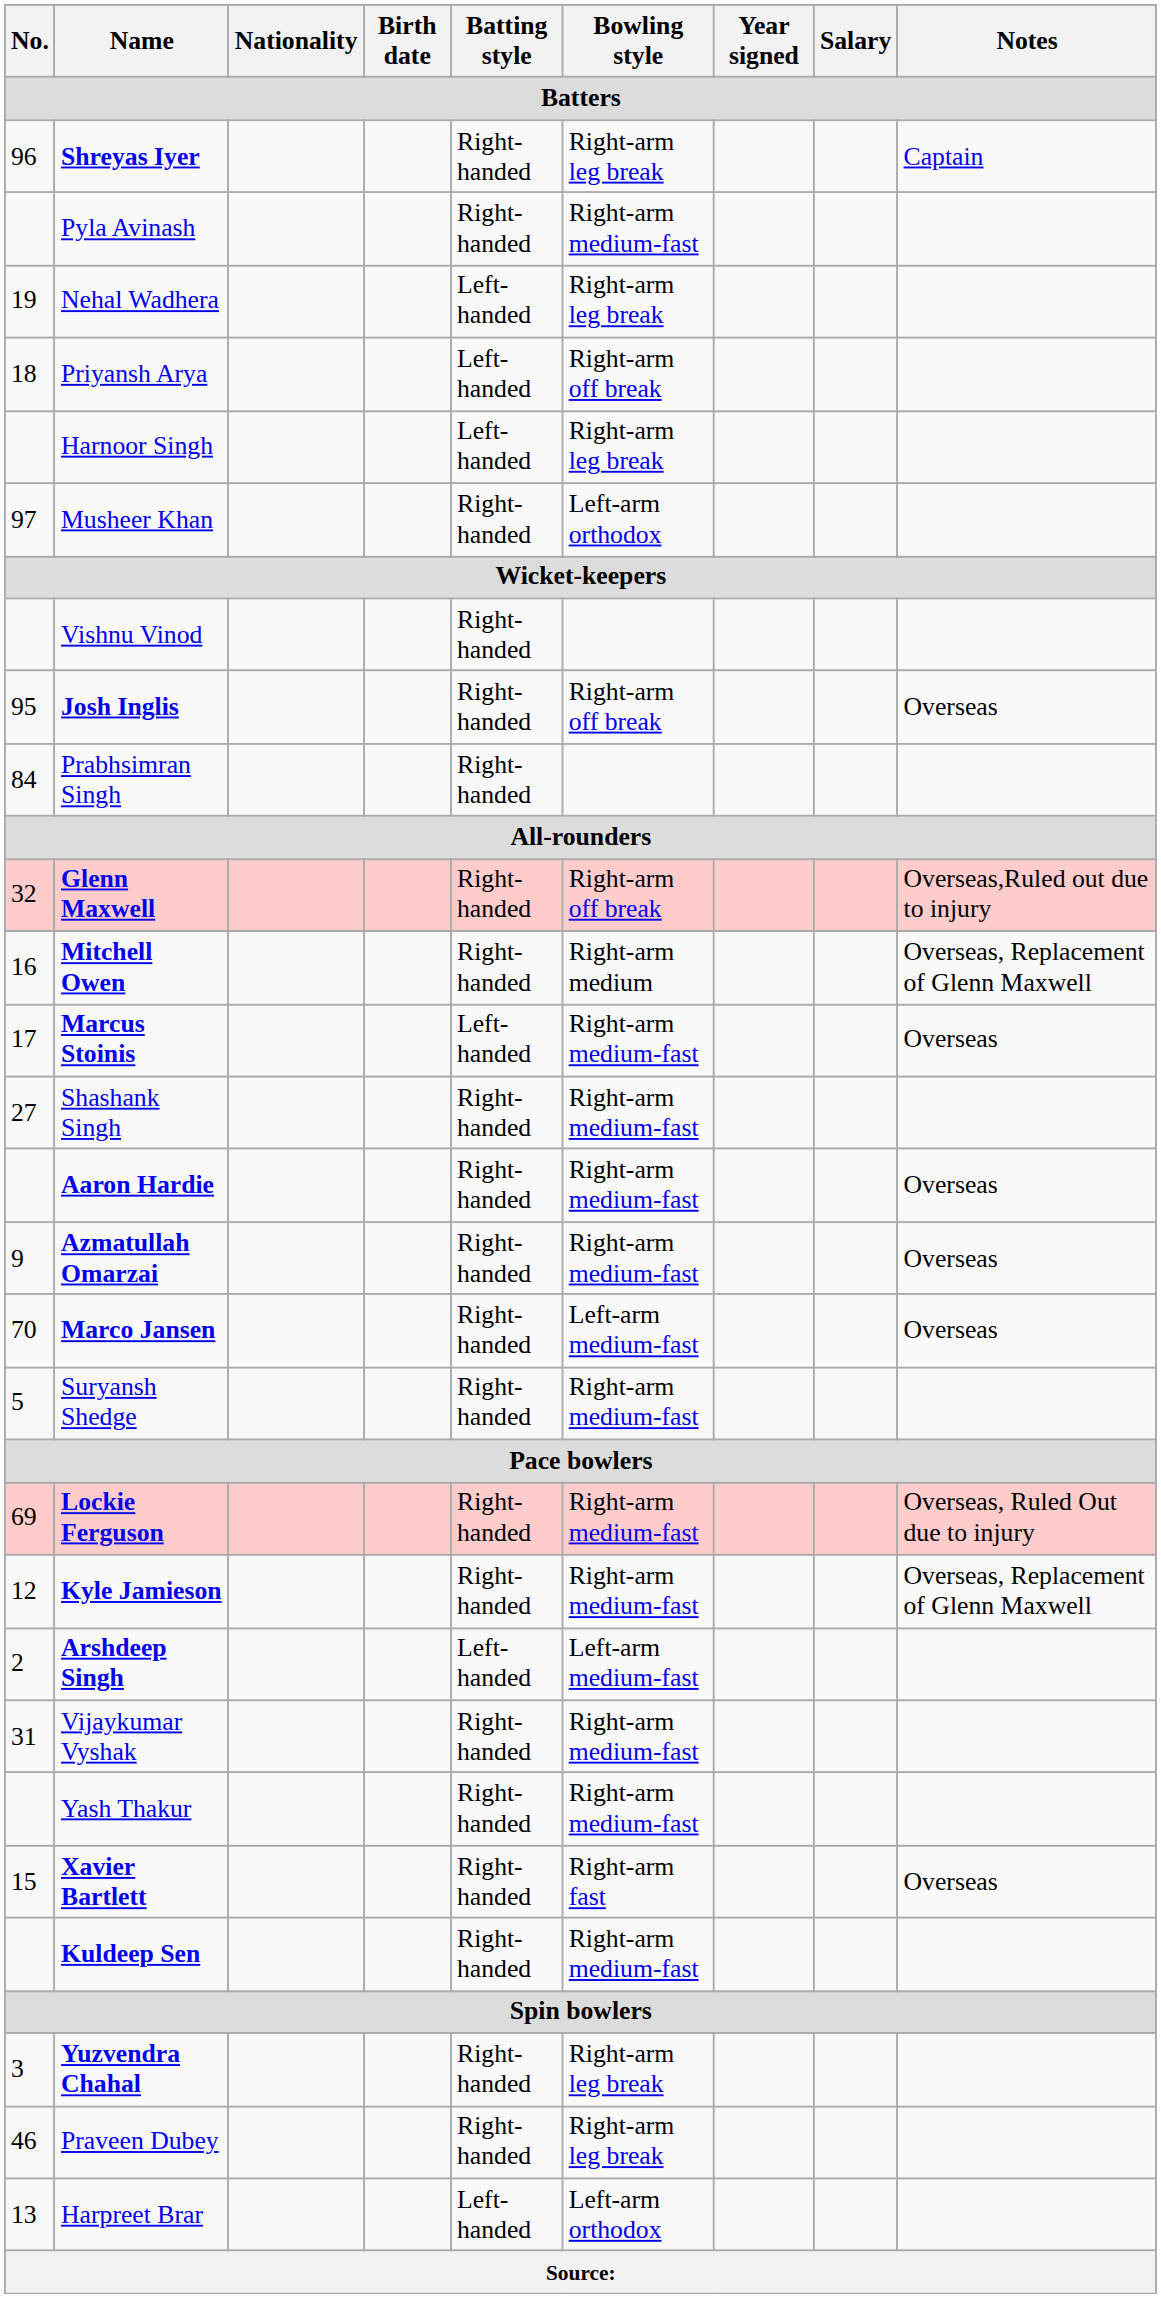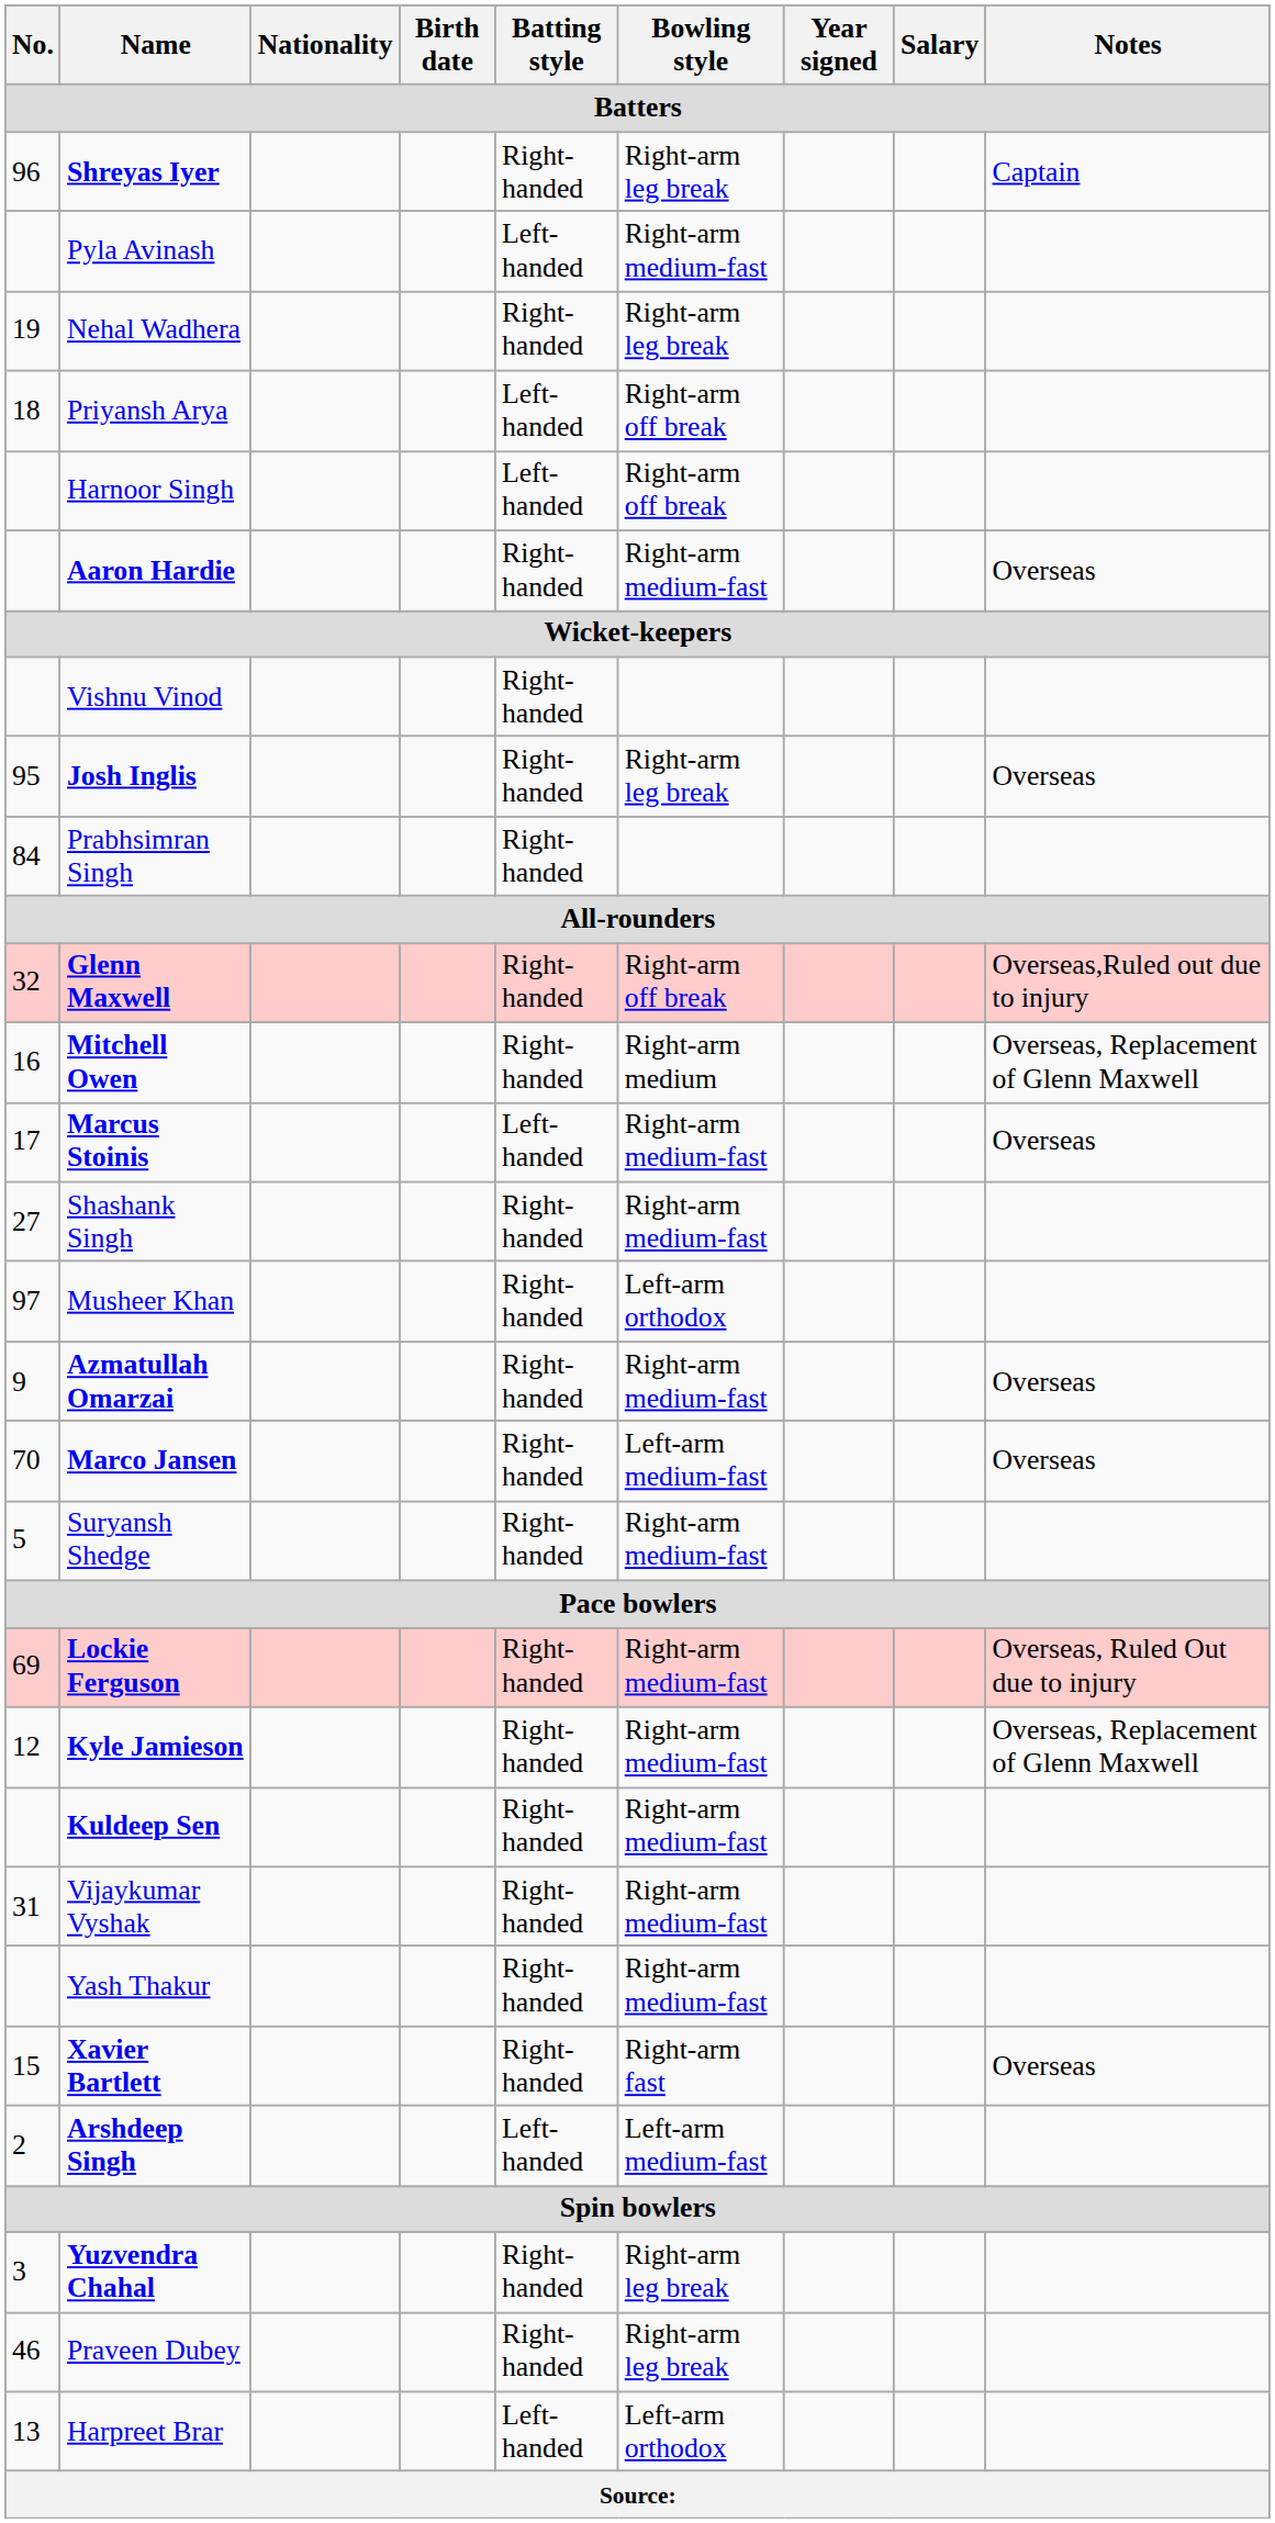 <table class="wikitable"  style="font-size:85%;">
 <tr>
 <th style="background:; color:; text-align:center;">No.</th>
 <th style="background:; color:; text-align:center;">Name</th>
 <th style="background:; color:; text-align:center;">Nationality</th>
 <th style="background:; color:; text-align:center;">Birth date</th>
 <th style="background:; color:; text-align:center;">Batting style</th>
 <th style="background:; color:; text-align:center;">Bowling style</th>
 <th style="background:; color:; text-align:center;">Year signed</th>
 <th style="background:; color:; text-align:center;">Salary</th>
 <th style="background:; color:; text-align:center;">Notes</th>
 </tr>
 <tr>
 <th colspan="9"  style="background:#dcdcdc; text-align:center;">Batters</th>
 </tr>
 <tr>
 <td>96</td>
 <td><strong><a href='#'>Shreyas Iyer</a></strong></td>
 <td></td>
 <td></td>
 <td>Right-handed</td>
 <td>Right-arm <a href='#'>leg break</a></td>
 <td style="text-align:right;"></td>
 <td style="text-align:right;"></td>
 <td><a href='#'>Captain</a></td>
 </tr>
 <tr>
 <td></td>
 <td><a href='#'>Pyla Avinash</a></td>
 <td></td>
 <td></td>
-<td>Right-handed</td>
+<td>Left-handed</td>
 <td>Right-arm <a href='#'>medium-fast</a></td>
 <td style="text-align:right;"></td>
 <td style="text-align:right;"></td>
 <td></td>
 </tr>
 <tr>
 <td>19</td>
 <td><a href='#'>Nehal Wadhera</a></td>
 <td></td>
 <td></td>
-<td>Left-handed</td>
+<td>Right-handed</td>
 <td>Right-arm <a href='#'>leg break</a></td>
 <td style="text-align:right;"></td>
 <td style="text-align:right;"></td>
 <td></td>
 </tr>
 <tr>
 <td>18</td>
 <td><a href='#'>Priyansh Arya</a></td>
 <td></td>
 <td></td>
 <td>Left-handed</td>
 <td>Right-arm <a href='#'>off break</a></td>
 <td style="text-align:right;"></td>
 <td style="text-align:right;"></td>
 <td></td>
 </tr>
 <tr>
 <td></td>
 <td><a href='#'>Harnoor Singh</a></td>
 <td></td>
 <td></td>
 <td>Left-handed</td>
-<td>Right-arm <a href='#'>leg break</a></td>
+<td>Right-arm <a href='#'>off break</a></td>
 <td style="text-align:right;"></td>
 <td style="text-align:right;"></td>
 <td></td>
 </tr>
 <tr>
-<td>97</td>
-<td><a href='#'>Musheer Khan</a></td>
+<td></td>
+<td><strong><a href='#'>Aaron Hardie</a></strong></td>
 <td></td>
 <td></td>
 <td>Right-handed</td>
-<td>Left-arm <a href='#'>orthodox</a></td>
+<td>Right-arm <a href='#'>medium-fast</a></td>
 <td style="text-align:right;"></td>
 <td style="text-align:right;"></td>
-<td></td>
+<td>Overseas</td>
 </tr>
 <tr>
 <th colspan="9" style="background:#dcdcdc; text-align:center">Wicket-keepers</th>
 </tr>
 <tr>
 <td></td>
 <td><a href='#'>Vishnu Vinod</a></td>
 <td></td>
 <td></td>
 <td>Right-handed</td>
 <td></td>
 <td style="text-align:right;"></td>
 <td style="text-align:right;"></td>
 <td></td>
 </tr>
 <tr>
 <td>95</td>
 <td><strong><a href='#'>Josh Inglis</a></strong></td>
 <td></td>
 <td></td>
 <td>Right-handed</td>
-<td>Right-arm <a href='#'>off break</a></td>
+<td>Right-arm <a href='#'>leg break</a></td>
 <td style="text-align:right;"></td>
 <td style="text-align:right;"></td>
 <td>Overseas</td>
 </tr>
 <tr>
 <td>84</td>
 <td><a href='#'>Prabhsimran Singh</a></td>
 <td></td>
 <td></td>
 <td>Right-handed</td>
 <td></td>
 <td style="text-align:right;"></td>
 <td style="text-align:right;"></td>
 <td></td>
 </tr>
 <tr>
 <th colspan="9" style="background:#dcdcdc; text-align:center">All-rounders</th>
 </tr>
 <tr style="background:#FFCCCC">
 <td>32</td>
 <td><strong><a href='#'>Glenn Maxwell</a></strong></td>
 <td></td>
 <td></td>
 <td>Right-handed</td>
 <td>Right-arm <a href='#'>off break</a></td>
 <td style="text-align:right;"></td>
 <td style="text-align:right;"></td>
 <td>Overseas,Ruled out due to injury</td>
 </tr>
 <tr>
 <td>16</td>
 <td><strong><a href='#'>Mitchell Owen</a></strong></td>
 <td></td>
 <td></td>
 <td>Right-handed</td>
 <td>Right-arm medium</td>
 <td style="text-align:right;"></td>
 <td style="text-align:right;"></td>
 <td>Overseas, Replacement of Glenn Maxwell</td>
 </tr>
 <tr>
 <td>17</td>
 <td><strong><a href='#'>Marcus Stoinis</a></strong></td>
 <td></td>
 <td></td>
 <td>Left-handed</td>
 <td>Right-arm <a href='#'>medium-fast</a></td>
 <td style="text-align:right;"></td>
 <td style="text-align:right;"></td>
 <td>Overseas</td>
 </tr>
 <tr>
 <td>27</td>
 <td><a href='#'>Shashank Singh</a></td>
 <td></td>
 <td></td>
 <td>Right-handed</td>
 <td>Right-arm <a href='#'>medium-fast</a></td>
 <td style="text-align:right;"></td>
 <td style="text-align:right;"></td>
 <td></td>
 </tr>
 <tr>
-<td></td>
-<td><strong><a href='#'>Aaron Hardie</a></strong></td>
+<td>97</td>
+<td><a href='#'>Musheer Khan</a></td>
 <td></td>
 <td></td>
 <td>Right-handed</td>
-<td>Right-arm <a href='#'>medium-fast</a></td>
+<td>Left-arm <a href='#'>orthodox</a></td>
 <td style="text-align:right;"></td>
 <td style="text-align:right;"></td>
-<td>Overseas</td>
+<td></td>
 </tr>
 <tr>
 <td>9</td>
 <td><strong><a href='#'>Azmatullah Omarzai</a></strong></td>
 <td></td>
 <td></td>
 <td>Right-handed</td>
 <td>Right-arm <a href='#'>medium-fast</a></td>
 <td style="text-align:right;"></td>
 <td style="text-align:right;"></td>
 <td>Overseas</td>
 </tr>
 <tr>
 <td>70</td>
 <td><strong><a href='#'>Marco Jansen</a></strong></td>
 <td></td>
 <td></td>
 <td>Right-handed</td>
 <td>Left-arm <a href='#'>medium-fast</a></td>
 <td style="text-align:right;"></td>
 <td style="text-align:right;"></td>
 <td>Overseas</td>
 </tr>
 <tr>
 <td>5</td>
 <td><a href='#'>Suryansh Shedge</a></td>
 <td></td>
 <td></td>
 <td>Right-handed</td>
 <td>Right-arm <a href='#'>medium-fast</a></td>
 <td style="text-align:right;"></td>
 <td style="text-align:right;"></td>
 <td></td>
 </tr>
 <tr>
 <th colspan="9"  style="background:#dcdcdc; text-align:center;">Pace bowlers</th>
 </tr>
 <tr style="background:#FFCCCC">
 <td>69</td>
 <td><strong><a href='#'>Lockie Ferguson</a></strong></td>
 <td></td>
 <td></td>
 <td>Right-handed</td>
 <td>Right-arm <a href='#'>medium-fast</a></td>
 <td style="text-align:right;"></td>
 <td style="text-align:right;"></td>
 <td>Overseas, Ruled Out due to injury</td>
 </tr>
 <tr>
 <td>12</td>
 <td><strong><a href='#'>Kyle Jamieson</a></strong></td>
 <td></td>
 <td></td>
 <td>Right-handed</td>
 <td>Right-arm <a href='#'>medium-fast</a></td>
 <td style="text-align:right;"></td>
 <td style="text-align:right;"></td>
 <td>Overseas, Replacement of Glenn Maxwell</td>
 </tr>
 <tr>
-<td>2</td>
-<td><strong><a href='#'>Arshdeep Singh</a></strong></td>
+<td></td>
+<td><strong><a href='#'>Kuldeep Sen</a></strong></td>
 <td></td>
 <td></td>
-<td>Left-handed</td>
-<td>Left-arm <a href='#'>medium-fast</a></td>
+<td>Right-handed</td>
+<td>Right-arm <a href='#'>medium-fast</a></td>
 <td style="text-align:right;"></td>
 <td style="text-align:right;"></td>
 <td></td>
 </tr>
 <tr>
 <td>31</td>
 <td><a href='#'>Vijaykumar Vyshak</a></td>
 <td></td>
 <td></td>
 <td>Right-handed</td>
 <td>Right-arm <a href='#'>medium-fast</a></td>
 <td style="text-align:right;"></td>
 <td style="text-align:right;"></td>
 <td></td>
 </tr>
 <tr>
 <td></td>
 <td><a href='#'>Yash Thakur</a></td>
 <td></td>
 <td></td>
 <td>Right-handed</td>
 <td>Right-arm <a href='#'>medium-fast</a></td>
 <td style="text-align:right;"></td>
 <td style="text-align:right;"></td>
 <td></td>
 </tr>
 <tr>
 <td>15</td>
 <td><strong><a href='#'>Xavier Bartlett</a></strong></td>
 <td></td>
 <td></td>
 <td>Right-handed</td>
 <td>Right-arm <a href='#'>fast</a></td>
 <td style="text-align:right;"></td>
 <td style="text-align:right;"></td>
 <td>Overseas</td>
 </tr>
 <tr>
-<td></td>
-<td><strong><a href='#'>Kuldeep Sen</a></strong></td>
+<td>2</td>
+<td><strong><a href='#'>Arshdeep Singh</a></strong></td>
 <td></td>
 <td></td>
-<td>Right-handed</td>
-<td>Right-arm <a href='#'>medium-fast</a></td>
+<td>Left-handed</td>
+<td>Left-arm <a href='#'>medium-fast</a></td>
 <td style="text-align:right;"></td>
 <td style="text-align:right;"></td>
 <td></td>
 </tr>
 <tr>
 <th colspan="9"  style="background:#dcdcdc; text-align:center;">Spin bowlers</th>
 </tr>
 <tr>
 <td>3</td>
 <td><strong><a href='#'>Yuzvendra Chahal</a></strong></td>
 <td></td>
 <td></td>
 <td>Right-handed</td>
 <td>Right-arm <a href='#'>leg break</a></td>
 <td style="text-align:right;"></td>
 <td style="text-align:right;"></td>
 <td></td>
 </tr>
 <tr>
 <td>46</td>
 <td><a href='#'>Praveen Dubey</a></td>
 <td></td>
 <td></td>
 <td>Right-handed</td>
 <td>Right-arm <a href='#'>leg break</a></td>
 <td style="text-align:right;"></td>
 <td style="text-align:right;"></td>
 <td></td>
 </tr>
 <tr>
 <td>13</td>
 <td><a href='#'>Harpreet Brar</a></td>
 <td></td>
 <td></td>
 <td>Left-handed</td>
 <td>Left-arm <a href='#'>orthodox</a></td>
 <td style="text-align:right;"></td>
 <td style="text-align:right;"></td>
 <td></td>
 </tr>
 <tr>
 <th colspan="9" style="text-align:center;"><small>Source: </small></th>
 </tr>
 </table>
